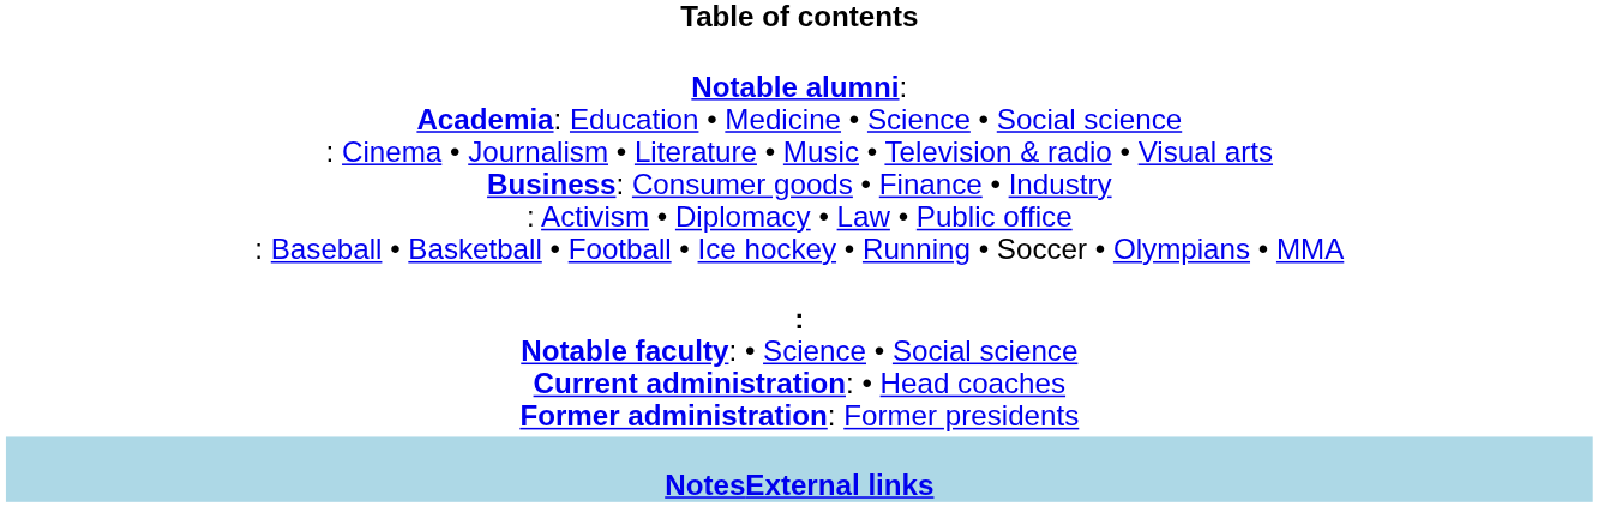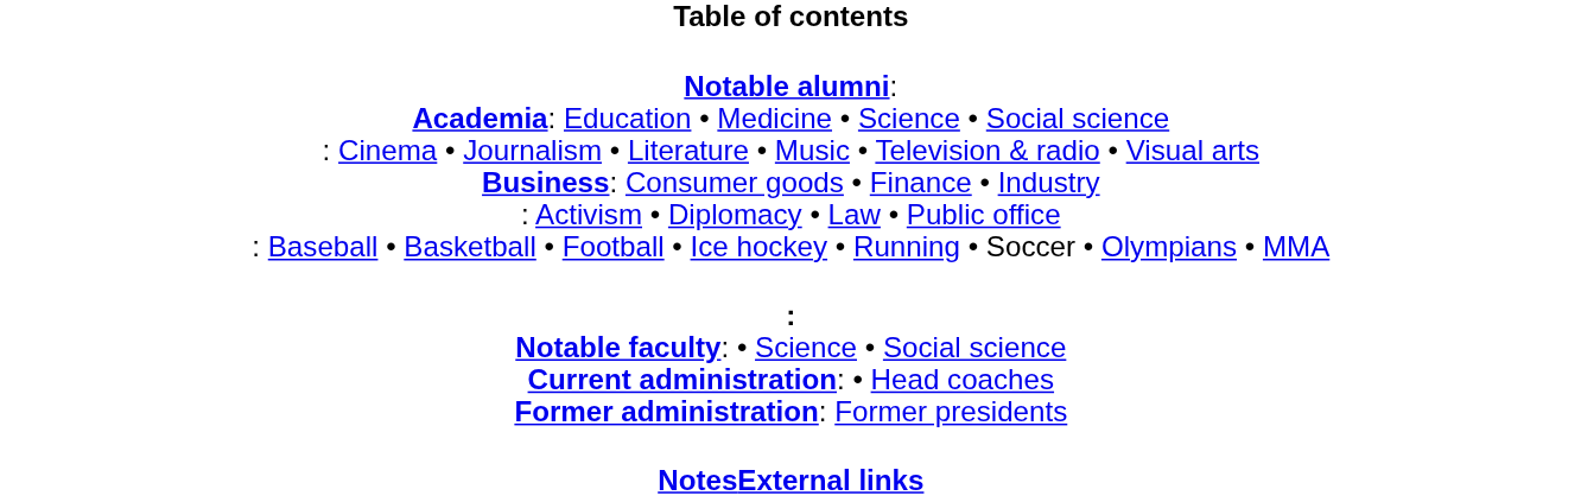 <table class="toccolours" style="margin:0 auto; width:55em; clear:both">
 <tr>
 <th>Table of contents</th>
 </tr>
 <tr>
 <td style="padding:0 2% 0 2%; text-align:center"><br><strong><a href='#'>Notable alumni</a></strong>:<br><strong><a href='#'>Academia</a></strong>: <a href='#'>Education</a> • <a href='#'>Medicine</a> • <a href='#'>Science</a> • <a href='#'>Social science</a><br> <strong><a href='#'></a></strong>: <a href='#'>Cinema</a> • <a href='#'>Journalism</a> • <a href='#'>Literature</a> • <a href='#'>Music</a> • <a href='#'>Television & radio</a> • <a href='#'>Visual arts</a><br> <strong><a href='#'>Business</a></strong>: <a href='#'>Consumer goods</a> • <a href='#'>Finance</a> • <a href='#'>Industry</a><br> <strong><a href='#'></a></strong>: <a href='#'>Activism</a> • <a href='#'>Diplomacy</a> • <a href='#'>Law</a> • <a href='#'>Public office</a><br> <strong><a href='#'></a></strong>: <a href='#'>Baseball</a> • <a href='#'>Basketball</a> • <a href='#'>Football</a> • <a href='#'>Ice hockey</a> • <a href='#'>Running</a> • Soccer • <a href='#'>Olympians</a> • <a href='#'>MMA</a></td>
 </tr>
 <tr>
 <td style="padding:0 2% 0 2%; text-align:center"><br><strong><a href='#'></a>: </strong><br><strong><a href='#'>Notable faculty</a></strong>: <a href='#'></a> • <a href='#'>Science</a> • <a href='#'>Social science</a><br> <strong><a href='#'>Current administration</a></strong>: <a href='#'></a> • <a href='#'>Head coaches</a><br> <strong><a href='#'>Former administration</a></strong>: <a href='#'>Former presidents</a></td>
 </tr>
 <tr>
-<td style="background: lightblue; padding:0 2% 0 2%; text-align:center"><br><strong><a href='#'>Notes</a></strong><strong><a href='#'>External links</a></strong></td>
+<td style="padding:0 2% 0 2%; text-align:center"><br><strong><a href='#'>Notes</a></strong><strong><a href='#'>External links</a></strong></td>
 </tr>
 </table>
